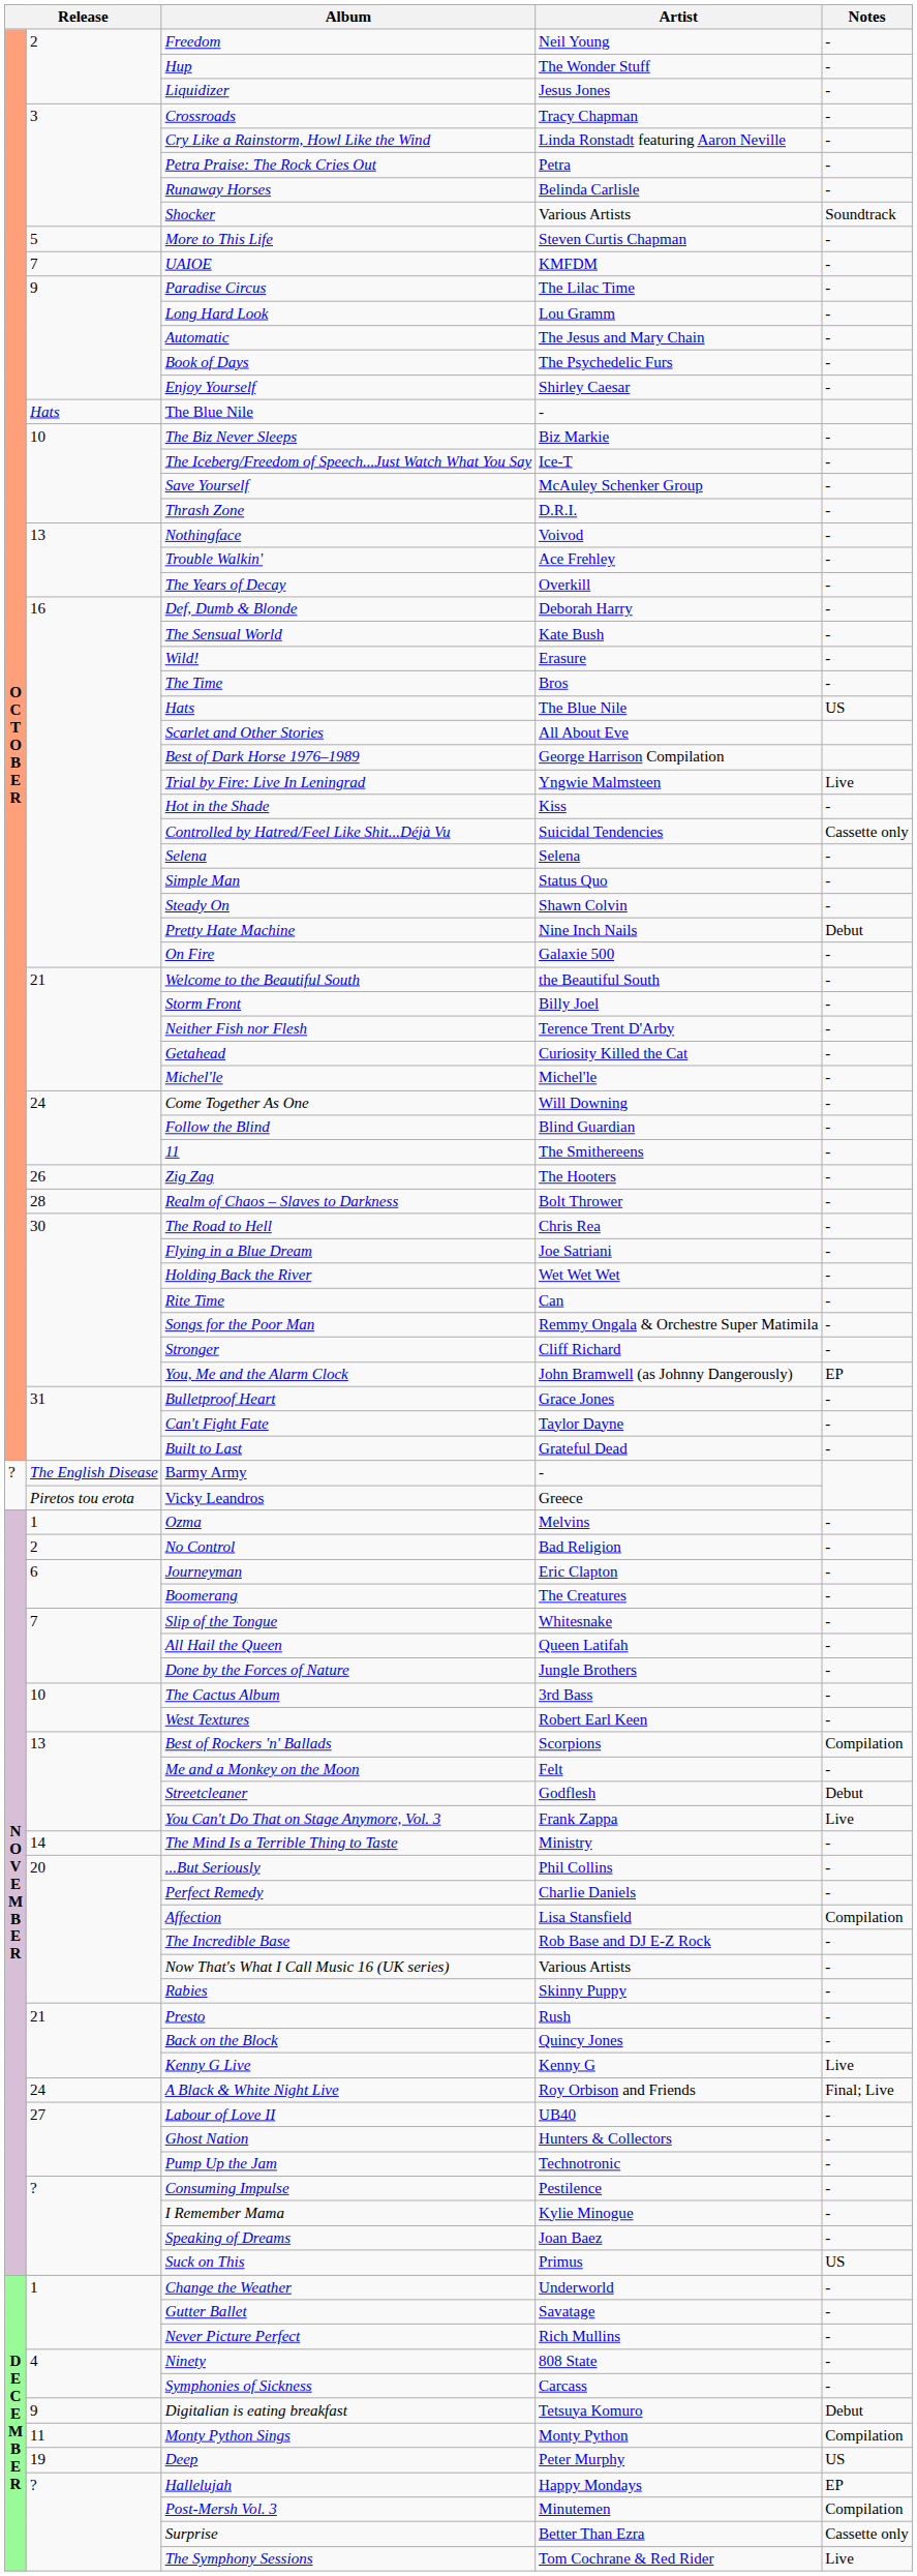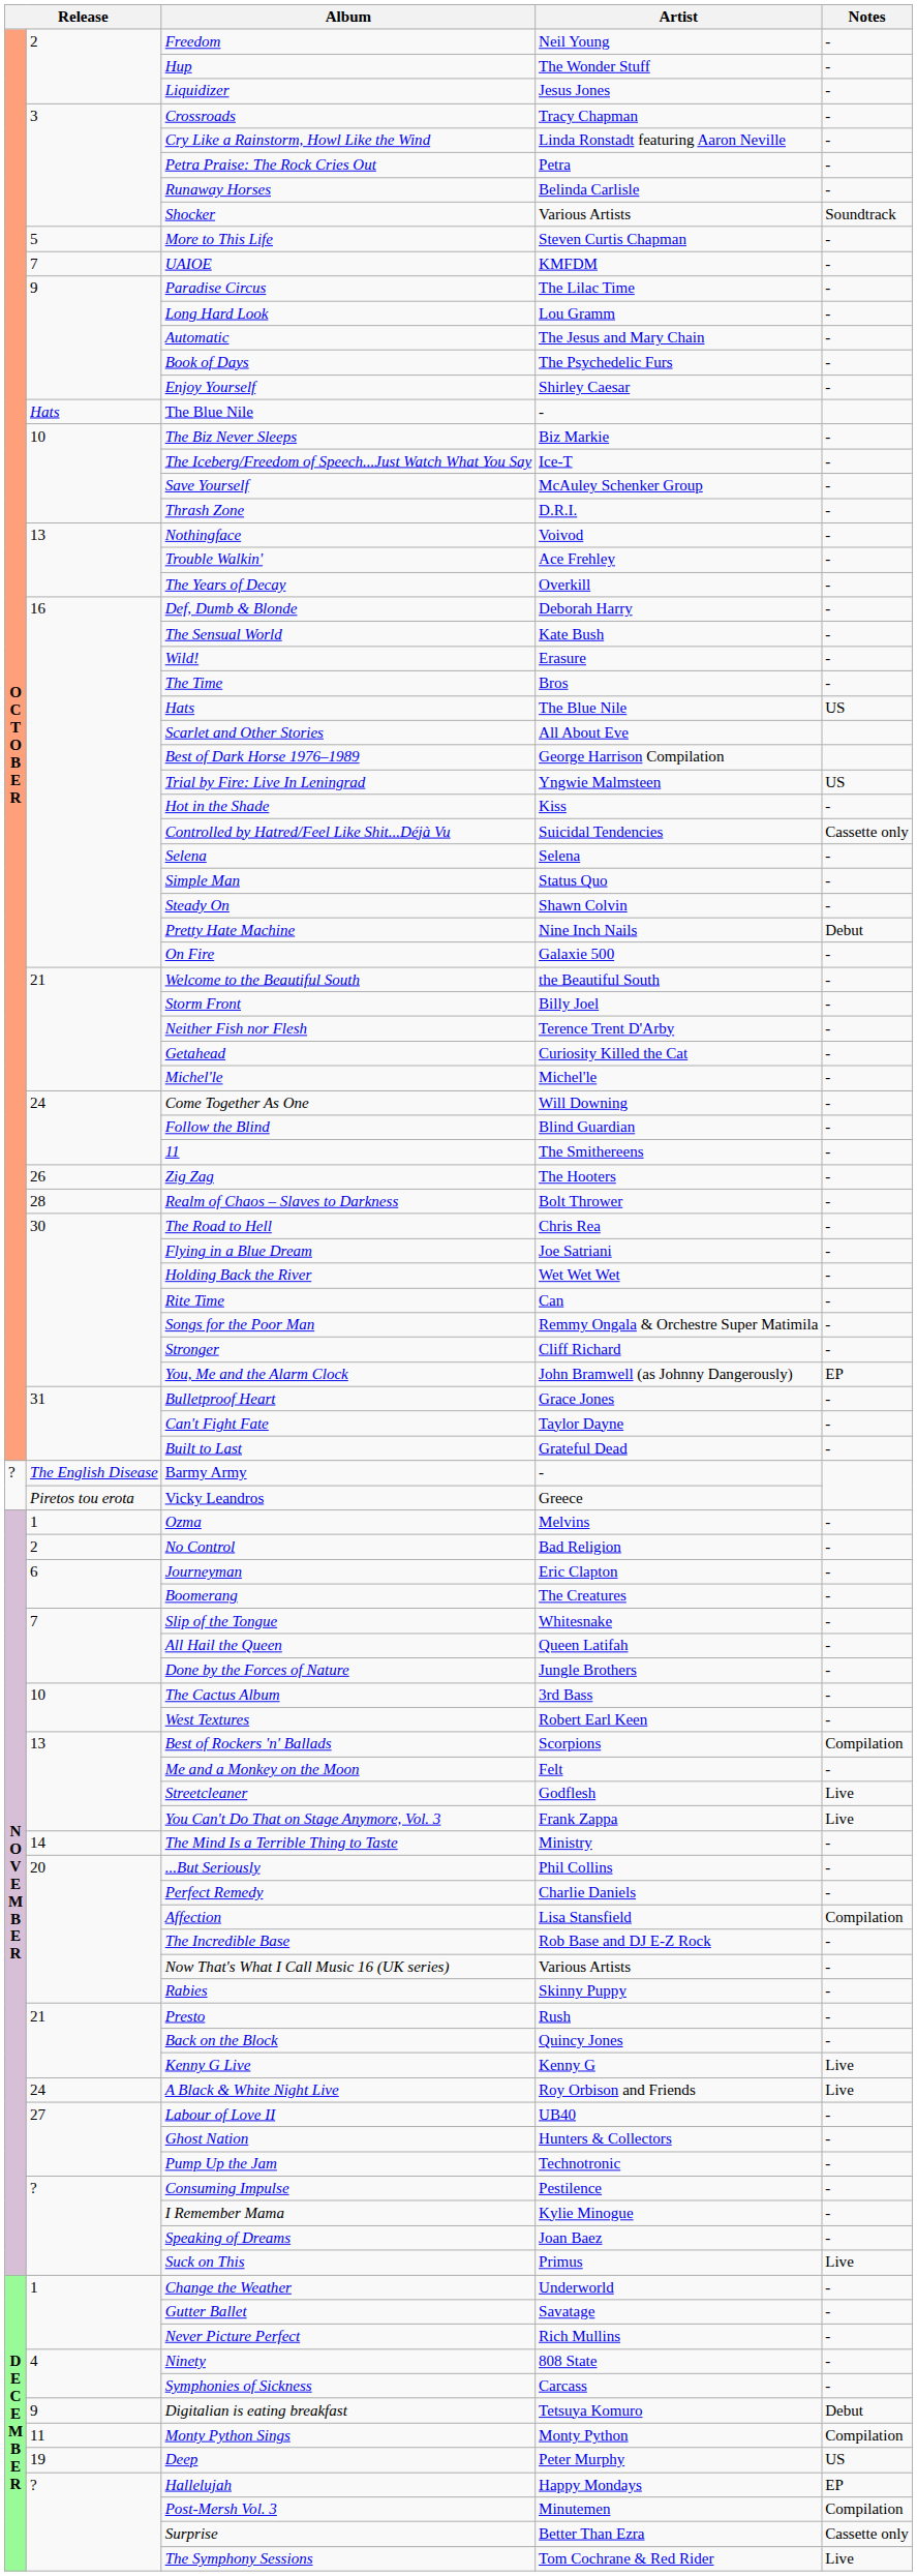 <table class="wikitable">
 <tr>
 <th colspan="2">Release</th>
 <th>Album</th>
 <th>Artist</th>
 <th>Notes</th>
 </tr>
 <tr>
 <td rowspan="58" valign="center" align="center" style="background:#FFA07A; textcolor:#000;"><strong>O<br>C<br>T<br>O<br>B<br>E<br>R</strong></td>
 <td rowspan="3" valign="top">2</td>
 <td><em><a href='#'>Freedom</a></em></td>
 <td><a href='#'>Neil Young</a></td>
 <td>-</td>
 </tr>
 <tr>
 <td><em><a href='#'>Hup</a></em></td>
 <td><a href='#'>The Wonder Stuff</a></td>
 <td>-</td>
 </tr>
 <tr>
 <td><em><a href='#'>Liquidizer</a></em></td>
 <td><a href='#'>Jesus Jones</a></td>
 <td>-</td>
 </tr>
 <tr>
 <td rowspan="5" valign="top">3</td>
 <td><em><a href='#'>Crossroads</a></em></td>
 <td><a href='#'>Tracy Chapman</a></td>
 <td>-</td>
 </tr>
 <tr>
 <td><em><a href='#'>Cry Like a Rainstorm, Howl Like the Wind</a></em></td>
 <td><a href='#'>Linda Ronstadt</a> featuring <a href='#'>Aaron Neville</a></td>
 <td>-</td>
 </tr>
 <tr>
 <td><em><a href='#'>Petra Praise: The Rock Cries Out</a></em></td>
 <td><a href='#'>Petra</a></td>
 <td>-</td>
 </tr>
 <tr>
 <td><em><a href='#'>Runaway Horses</a></em></td>
 <td><a href='#'>Belinda Carlisle</a></td>
 <td>-</td>
 </tr>
 <tr>
 <td><em><a href='#'>Shocker</a></em></td>
 <td>Various Artists</td>
 <td>Soundtrack</td>
 </tr>
 <tr>
 <td valign="top">5</td>
 <td><em><a href='#'>More to This Life</a></em></td>
 <td><a href='#'>Steven Curtis Chapman</a></td>
 <td>-</td>
 </tr>
 <tr>
 <td rowspan="1" valign="top">7</td>
 <td><em><a href='#'>UAIOE</a></em></td>
 <td><a href='#'>KMFDM</a></td>
 <td>-</td>
 </tr>
 <tr>
 <td rowspan="5" valign="top">9</td>
 <td><em><a href='#'>Paradise Circus</a></em></td>
 <td><a href='#'>The Lilac Time</a></td>
 <td>-</td>
 </tr>
 <tr>
 <td><em><a href='#'>Long Hard Look</a></em></td>
 <td><a href='#'>Lou Gramm</a></td>
 <td>-</td>
 </tr>
 <tr>
 <td><em><a href='#'>Automatic</a></em></td>
 <td><a href='#'>The Jesus and Mary Chain</a></td>
 <td>-</td>
 </tr>
 <tr>
 <td><em><a href='#'>Book of Days</a></em></td>
 <td><a href='#'>The Psychedelic Furs</a></td>
 <td>-</td>
 </tr>
 <tr>
 <td><em><a href='#'>Enjoy Yourself</a></em></td>
 <td><a href='#'>Shirley Caesar</a></td>
 <td>-</td>
 </tr>
 <tr>
 <td><em><a href='#'>Hats</a></em></td>
 <td><a href='#'>The Blue Nile</a></td>
 <td>-</td>
 </tr>
 <tr>
 <td rowspan="4" valign="top">10</td>
 <td><em><a href='#'>The Biz Never Sleeps</a></em></td>
 <td><a href='#'>Biz Markie</a></td>
 <td>-</td>
 </tr>
 <tr>
 <td><em><a href='#'>The Iceberg/Freedom of Speech...Just Watch What You Say</a></em></td>
 <td><a href='#'>Ice-T</a></td>
 <td>-</td>
 </tr>
 <tr>
 <td><em><a href='#'>Save Yourself</a></em></td>
 <td><a href='#'>McAuley Schenker Group</a></td>
 <td>-</td>
 </tr>
 <tr>
 <td><em><a href='#'>Thrash Zone</a></em></td>
 <td><a href='#'>D.R.I.</a></td>
 <td>-</td>
 </tr>
 <tr>
 <td rowspan="3" valign="top">13</td>
 <td><em><a href='#'>Nothingface</a></em></td>
 <td><a href='#'>Voivod</a></td>
 <td>-</td>
 </tr>
 <tr>
 <td><em><a href='#'>Trouble Walkin'</a></em></td>
 <td><a href='#'>Ace Frehley</a></td>
 <td>-</td>
 </tr>
 <tr>
 <td><em><a href='#'>The Years of Decay</a></em></td>
 <td><a href='#'>Overkill</a></td>
 <td>-</td>
 </tr>
 <tr>
 <td rowspan="15" valign="top">16</td>
 <td><em><a href='#'>Def, Dumb & Blonde</a></em></td>
 <td><a href='#'>Deborah Harry</a></td>
 <td>-</td>
 </tr>
 <tr>
 <td><em><a href='#'>The Sensual World</a></em></td>
 <td><a href='#'>Kate Bush</a></td>
 <td>-</td>
 </tr>
 <tr>
 <td><em><a href='#'>Wild!</a></em></td>
 <td><a href='#'>Erasure</a></td>
 <td>-</td>
 </tr>
 <tr>
 <td><em><a href='#'>The Time</a></em></td>
 <td><a href='#'>Bros</a></td>
 <td>-</td>
 </tr>
 <tr>
 <td><em><a href='#'>Hats</a></em></td>
 <td><a href='#'>The Blue Nile</a></td>
 <td>US</td>
 </tr>
 <tr>
 <td><em><a href='#'>Scarlet and Other Stories</a></em></td>
 <td><a href='#'>All About Eve</a></td>
 <td></td>
 </tr>
 <tr>
 <td><em><a href='#'>Best of Dark Horse 1976–1989</a></em></td>
 <td><a href='#'>George Harrison</a> Compilation</td>
 </tr>
 <tr>
 <td><em><a href='#'>Trial by Fire: Live In Leningrad</a></em></td>
 <td><a href='#'>Yngwie Malmsteen</a></td>
-<td>Live</td>
+<td>US</td>
 </tr>
 <tr>
 <td><em><a href='#'>Hot in the Shade</a></em></td>
 <td><a href='#'>Kiss</a></td>
 <td>-</td>
 </tr>
 <tr>
 <td><em><a href='#'>Controlled by Hatred/Feel Like Shit...Déjà Vu</a></em></td>
 <td><a href='#'>Suicidal Tendencies</a></td>
 <td>Cassette only</td>
 </tr>
 <tr>
 <td><em><a href='#'>Selena</a></em></td>
 <td><a href='#'>Selena</a></td>
 <td>-</td>
 </tr>
 <tr>
 <td><em><a href='#'>Simple Man</a></em></td>
 <td><a href='#'>Status Quo</a></td>
 <td>-</td>
 </tr>
 <tr>
 <td><em><a href='#'>Steady On</a></em></td>
 <td><a href='#'>Shawn Colvin</a></td>
 <td>-</td>
 </tr>
 <tr>
 <td><em><a href='#'>Pretty Hate Machine</a></em></td>
 <td><a href='#'>Nine Inch Nails</a></td>
 <td>Debut</td>
 </tr>
 <tr>
 <td><em><a href='#'>On Fire</a></em></td>
 <td><a href='#'>Galaxie 500</a></td>
 <td>-</td>
 </tr>
 <tr>
 <td rowspan="5" valign="top">21</td>
 <td><em><a href='#'>Welcome to the Beautiful South</a></em></td>
 <td><a href='#'>the Beautiful South</a></td>
 <td>-</td>
 </tr>
 <tr>
 <td><em><a href='#'>Storm Front</a></em></td>
 <td><a href='#'>Billy Joel</a></td>
 <td>-</td>
 </tr>
 <tr>
 <td><em><a href='#'>Neither Fish nor Flesh</a></em></td>
 <td><a href='#'>Terence Trent D'Arby</a></td>
 <td>-</td>
 </tr>
 <tr>
 <td><em><a href='#'>Getahead</a></em></td>
 <td><a href='#'>Curiosity Killed the Cat</a></td>
 <td>-</td>
 </tr>
 <tr>
 <td><em><a href='#'>Michel'le</a></em></td>
 <td><a href='#'>Michel'le</a></td>
 <td>-</td>
 </tr>
 <tr>
 <td rowspan="3" valign="top">24</td>
 <td><em>Come Together As One</em></td>
 <td><a href='#'>Will Downing</a></td>
 <td>-</td>
 </tr>
 <tr>
 <td><em><a href='#'>Follow the Blind</a></em></td>
 <td><a href='#'>Blind Guardian</a></td>
 <td>-</td>
 </tr>
 <tr>
 <td><em><a href='#'>11</a></em></td>
 <td><a href='#'>The Smithereens</a></td>
 <td>-</td>
 </tr>
 <tr>
 <td valign="top">26</td>
 <td><em><a href='#'>Zig Zag</a></em></td>
 <td><a href='#'>The Hooters</a></td>
 <td>-</td>
 </tr>
 <tr>
 <td valign="top">28</td>
 <td><em><a href='#'>Realm of Chaos – Slaves to Darkness</a></em></td>
 <td><a href='#'>Bolt Thrower</a></td>
 <td>-</td>
 </tr>
 <tr>
 <td rowspan="7" valign="top">30</td>
 <td><em><a href='#'>The Road to Hell</a></em></td>
 <td><a href='#'>Chris Rea</a></td>
 <td>-</td>
 </tr>
 <tr>
 <td><em><a href='#'>Flying in a Blue Dream</a></em></td>
 <td><a href='#'>Joe Satriani</a></td>
 <td>-</td>
 </tr>
 <tr>
 <td><em><a href='#'>Holding Back the River</a></em></td>
 <td><a href='#'>Wet Wet Wet</a></td>
 <td>-</td>
 </tr>
 <tr>
 <td><em><a href='#'>Rite Time</a></em></td>
 <td><a href='#'>Can</a></td>
 <td>-</td>
 </tr>
 <tr>
 <td><em><a href='#'>Songs for the Poor Man</a></em></td>
 <td><a href='#'>Remmy Ongala</a> & Orchestre Super Matimila</td>
 <td>-</td>
 </tr>
 <tr>
 <td><em><a href='#'>Stronger</a></em></td>
 <td><a href='#'>Cliff Richard</a></td>
 <td>-</td>
 </tr>
 <tr>
 <td><em><a href='#'>You, Me and the Alarm Clock</a></em></td>
 <td><a href='#'>John Bramwell</a> (as Johnny Dangerously)</td>
 <td>EP</td>
 </tr>
 <tr>
 <td rowspan="3" valign="top">31</td>
 <td><em><a href='#'>Bulletproof Heart</a></em></td>
 <td><a href='#'>Grace Jones</a></td>
 <td>-</td>
 </tr>
 <tr>
 <td><em><a href='#'>Can't Fight Fate</a></em></td>
 <td><a href='#'>Taylor Dayne</a></td>
 <td>-</td>
 </tr>
 <tr>
 <td><em><a href='#'>Built to Last</a></em></td>
 <td><a href='#'>Grateful Dead</a></td>
 <td>-</td>
 </tr>
 <tr>
 <td rowspan="2" valign="top">?</td>
 <td><em><a href='#'>The English Disease</a></em></td>
 <td><a href='#'>Barmy Army</a></td>
 <td>-</td>
 </tr>
 <tr>
 <td><em>Piretos tou erota</em></td>
 <td><a href='#'>Vicky Leandros</a></td>
 <td>Greece</td>
 </tr>
 <tr>
 <td rowspan="31" valign="center" align="center" style="background:#D8BFD8; textcolor:#000;"><strong>N<br>O<br>V<br>E<br>M<br>B<br>E<br>R</strong></td>
 <td valign="top">1</td>
 <td><em><a href='#'>Ozma</a></em></td>
 <td><a href='#'>Melvins</a></td>
 <td>-</td>
 </tr>
 <tr>
 <td valign="top">2</td>
 <td><em><a href='#'>No Control</a></em></td>
 <td><a href='#'>Bad Religion</a></td>
 <td>-</td>
 </tr>
 <tr>
 <td rowspan="2" valign="top">6</td>
 <td><em><a href='#'>Journeyman</a></em></td>
 <td><a href='#'>Eric Clapton</a></td>
 <td>-</td>
 </tr>
 <tr>
 <td><em><a href='#'>Boomerang</a></em></td>
 <td><a href='#'>The Creatures</a></td>
 <td>-</td>
 </tr>
 <tr>
 <td rowspan="3" valign="top">7</td>
 <td><em><a href='#'>Slip of the Tongue</a></em></td>
 <td><a href='#'>Whitesnake</a></td>
 <td>-</td>
 </tr>
 <tr>
 <td><em><a href='#'>All Hail the Queen</a></em></td>
 <td><a href='#'>Queen Latifah</a></td>
 <td>-</td>
 </tr>
 <tr>
 <td><em><a href='#'>Done by the Forces of Nature</a></em></td>
 <td><a href='#'>Jungle Brothers</a></td>
 <td>-</td>
 </tr>
 <tr>
 <td rowspan="2" valign="top">10</td>
 <td><em><a href='#'>The Cactus Album</a></em></td>
 <td><a href='#'>3rd Bass</a></td>
 <td>-</td>
 </tr>
 <tr>
 <td><em><a href='#'>West Textures</a></em></td>
 <td><a href='#'>Robert Earl Keen</a></td>
 <td>-</td>
 </tr>
 <tr>
 <td rowspan="4" valign="top">13</td>
 <td><em><a href='#'>Best of Rockers 'n' Ballads</a></em></td>
 <td><a href='#'>Scorpions</a></td>
 <td>Compilation</td>
 </tr>
 <tr>
 <td><em><a href='#'>Me and a Monkey on the Moon</a></em></td>
 <td><a href='#'>Felt</a></td>
 <td>-</td>
 </tr>
 <tr>
 <td><em><a href='#'>Streetcleaner</a></em></td>
 <td><a href='#'>Godflesh</a></td>
-<td>Debut</td>
+<td>Live</td>
 </tr>
 <tr>
 <td><em><a href='#'>You Can't Do That on Stage Anymore, Vol. 3</a></em></td>
 <td><a href='#'>Frank Zappa</a></td>
 <td>Live</td>
 </tr>
 <tr>
 <td valign="top">14</td>
 <td><em><a href='#'>The Mind Is a Terrible Thing to Taste</a></em></td>
 <td><a href='#'>Ministry</a></td>
 <td>-</td>
 </tr>
 <tr>
 <td rowspan="6" valign="top">20</td>
 <td><em><a href='#'>...But Seriously</a></em></td>
 <td><a href='#'>Phil Collins</a></td>
 <td>-</td>
 </tr>
 <tr>
 <td><em><a href='#'>Perfect Remedy</a></em></td>
 <td><a href='#'>Charlie Daniels</a></td>
 <td>-</td>
 </tr>
 <tr>
 <td><em><a href='#'>Affection</a></em></td>
 <td><a href='#'>Lisa Stansfield</a></td>
 <td>Compilation</td>
 </tr>
 <tr>
 <td><em><a href='#'>The Incredible Base</a></em></td>
 <td><a href='#'>Rob Base and DJ E-Z Rock</a></td>
 <td>-</td>
 </tr>
 <tr>
 <td><em>Now That's What I Call Music 16 (UK series)</em></td>
 <td>Various Artists</td>
 <td>-</td>
 </tr>
 <tr>
 <td><em><a href='#'>Rabies</a></em></td>
 <td><a href='#'>Skinny Puppy</a></td>
 <td>-</td>
 </tr>
 <tr>
 <td rowspan="3" valign="top">21</td>
 <td><em><a href='#'>Presto</a></em></td>
 <td><a href='#'>Rush</a></td>
 <td>-</td>
 </tr>
 <tr>
 <td><em><a href='#'>Back on the Block</a></em></td>
 <td><a href='#'>Quincy Jones</a></td>
 <td>-</td>
 </tr>
 <tr>
 <td><em><a href='#'>Kenny G Live</a></em></td>
 <td><a href='#'>Kenny G</a></td>
 <td>Live</td>
 </tr>
 <tr>
 <td valign="top">24</td>
 <td><em><a href='#'>A Black & White Night Live</a></em></td>
 <td><a href='#'>Roy Orbison</a> and Friends</td>
-<td>Final; Live</td>
+<td>Live</td>
 </tr>
 <tr>
 <td rowspan="3" valign="top">27</td>
 <td><em><a href='#'>Labour of Love II</a></em></td>
 <td><a href='#'>UB40</a></td>
 <td>-</td>
 </tr>
 <tr>
 <td><em><a href='#'>Ghost Nation</a></em></td>
 <td><a href='#'>Hunters &amp; Collectors</a></td>
 <td>-</td>
 </tr>
 <tr>
 <td><em><a href='#'>Pump Up the Jam</a></em></td>
 <td><a href='#'>Technotronic</a></td>
 <td>-</td>
 </tr>
 <tr>
 <td rowspan="4" valign="top">?</td>
 <td><em><a href='#'>Consuming Impulse</a></em></td>
 <td><a href='#'>Pestilence</a></td>
 <td>-</td>
 </tr>
 <tr>
 <td><em>I Remember Mama</em></td>
 <td><a href='#'>Kylie Minogue</a></td>
 <td>-</td>
 </tr>
 <tr>
 <td><em><a href='#'>Speaking of Dreams</a></em></td>
 <td><a href='#'>Joan Baez</a></td>
 <td>-</td>
 </tr>
 <tr>
 <td><em><a href='#'>Suck on This</a></em></td>
 <td><a href='#'>Primus</a></td>
-<td>US</td>
+<td>Live</td>
 </tr>
 <tr>
 <td rowspan="12" valign="center" align="center" style="background:#98FB98; textcolor:#000;"><strong>D<br>E<br>C<br>E<br>M<br>B<br>E<br>R</strong></td>
 <td rowspan="3" valign="top">1</td>
 <td><em><a href='#'>Change the Weather</a></em></td>
 <td><a href='#'>Underworld</a></td>
 <td>-</td>
 </tr>
 <tr>
 <td><em><a href='#'>Gutter Ballet</a></em></td>
 <td><a href='#'>Savatage</a></td>
 <td>-</td>
 </tr>
 <tr>
 <td><em><a href='#'>Never Picture Perfect</a></em></td>
 <td><a href='#'>Rich Mullins</a></td>
 <td>-</td>
 </tr>
 <tr>
 <td rowspan="2" valign="top">4</td>
 <td><em><a href='#'>Ninety</a></em></td>
 <td><a href='#'>808 State</a></td>
 <td>-</td>
 </tr>
 <tr>
 <td><em><a href='#'>Symphonies of Sickness</a></em></td>
 <td><a href='#'>Carcass</a></td>
 <td>-</td>
 </tr>
 <tr>
 <td valign="top">9</td>
 <td><em>Digitalian is eating breakfast</em></td>
 <td><a href='#'>Tetsuya Komuro</a></td>
 <td>Debut</td>
 </tr>
 <tr>
 <td valign="top">11</td>
 <td><em><a href='#'>Monty Python Sings</a></em></td>
 <td><a href='#'>Monty Python</a></td>
 <td>Compilation</td>
 </tr>
 <tr>
 <td valign="top">19</td>
 <td><em><a href='#'>Deep</a></em></td>
 <td><a href='#'>Peter Murphy</a></td>
 <td>US</td>
 </tr>
 <tr>
 <td rowspan="4" valign="top">?</td>
 <td><em><a href='#'>Hallelujah</a></em></td>
 <td><a href='#'>Happy Mondays</a></td>
 <td>EP</td>
 </tr>
 <tr>
 <td><em><a href='#'>Post-Mersh Vol. 3</a></em></td>
 <td><a href='#'>Minutemen</a></td>
 <td>Compilation</td>
 </tr>
 <tr>
 <td><em>Surprise</em></td>
 <td><a href='#'>Better Than Ezra</a></td>
 <td>Cassette only</td>
 </tr>
 <tr>
 <td><em><a href='#'>The Symphony Sessions</a></em></td>
 <td><a href='#'>Tom Cochrane & Red Rider</a></td>
 <td>Live</td>
 </tr>
 </table>
